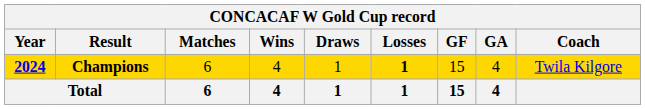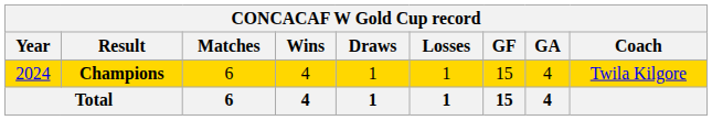 <table class="wikitable"  style="text-align:center; width:650px;">
 <tr>
 <th colspan=9><strong>CONCACAF W Gold Cup record</strong></th>
 </tr>
 <tr>
 <th>Year</th>
 <th>Result</th>
 <th>Matches</th>
 <th>Wins</th>
 <th>Draws</th>
 <th>Losses</th>
 <th>GF</th>
 <th>GA</th>
 <th>Coach</th>
 </tr>
 <tr style="background:gold;">
-<td><strong> <a href='#'>2024</a></strong></td>
+<td> <a href='#'>2024</a></td>
 <td><strong>Champions</strong></td>
 <td>6</td>
 <td>4</td>
 <td>1</td>
-<td><strong>1</strong></td>
+<td>1</td>
 <td>15</td>
 <td>4</td>
 <td><a href='#'>Twila Kilgore</a></td>
 </tr>
 <tr style="font-weight:bold;">
 <th colspan=2>Total</th>
 <th>6</th>
 <th>4</th>
 <th>1</th>
 <th>1</th>
 <th>15</th>
 <th>4</th>
 <th></th>
 </tr>
 </table>
